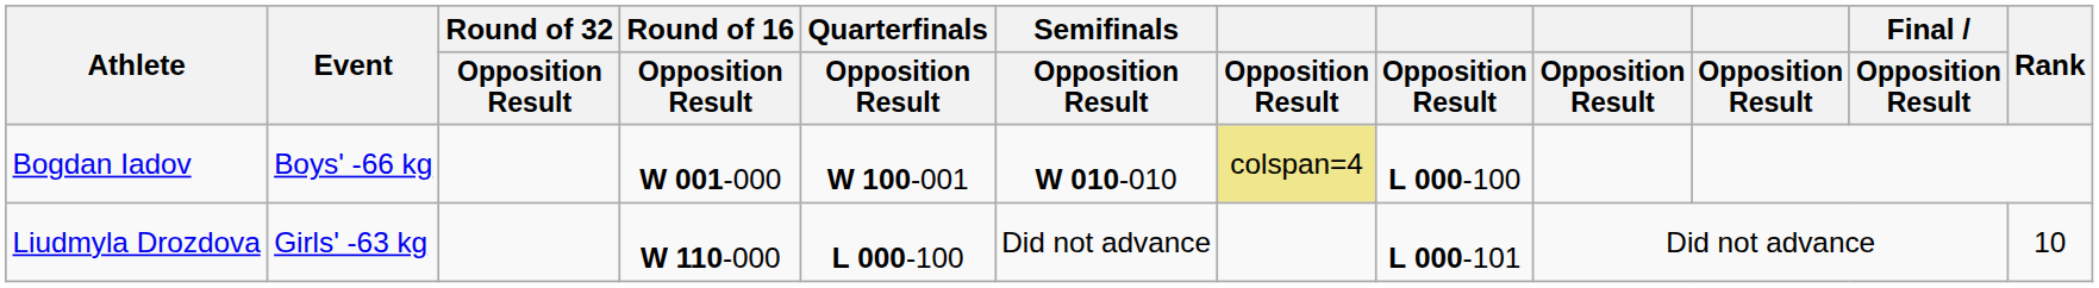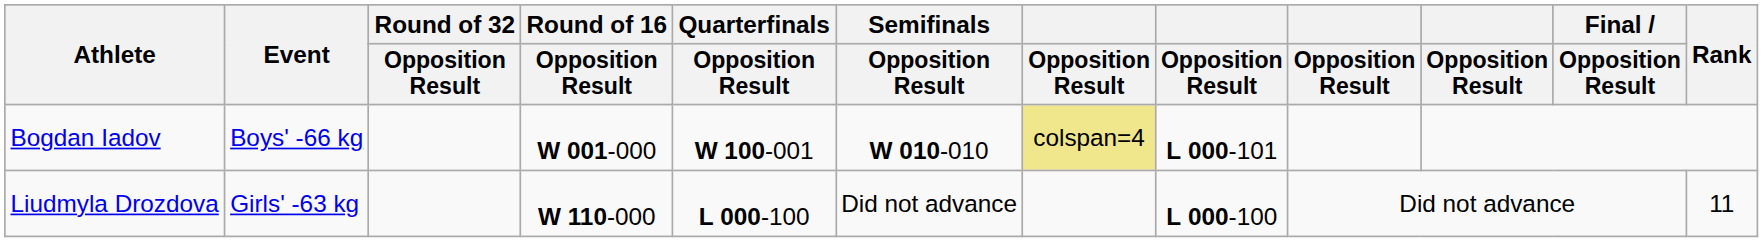 <table class="wikitable" style="font-size:90%">
 <tr>
 <th rowspan="2">Athlete</th>
 <th rowspan="2">Event</th>
 <th>Round of 32</th>
 <th>Round of 16</th>
 <th>Quarterfinals</th>
 <th>Semifinals</th>
 <th></th>
 <th></th>
 <th></th>
 <th></th>
 <th>Final / </th>
 <th rowspan=2>Rank</th>
 </tr>
 <tr style="font-size:95%">
 <th>Opposition<br>Result</th>
 <th>Opposition<br>Result</th>
 <th>Opposition<br>Result</th>
 <th>Opposition<br>Result</th>
 <th>Opposition<br>Result</th>
 <th>Opposition<br>Result</th>
 <th>Opposition<br>Result</th>
 <th>Opposition<br>Result</th>
 <th>Opposition<br>Result</th>
 </tr>
 <tr align=center>
 <td align=left><a href='#'>Bogdan Iadov</a></td>
 <td align=left><a href='#'>Boys' -66 kg</a></td>
 <td></td>
 <td><br><strong>W</strong> <strong>001</strong>-000</td>
 <td><br><strong>W</strong> <strong>100</strong>-001</td>
 <td><br><strong>W</strong> <strong>010</strong>-010</td>
 <td style="background: khaki;">colspan=4 </td>
-<td><br><strong>L</strong> <strong>000</strong>-100</td>
+<td><br><strong>L</strong> <strong>000</strong>-101</td>
 <td></td>
 </tr>
 <tr align=center>
 <td align=left><a href='#'>Liudmyla Drozdova</a></td>
 <td align=left><a href='#'>Girls' -63 kg</a></td>
 <td></td>
 <td><br><strong>W</strong> <strong>110</strong>-000</td>
 <td><br><strong>L</strong> <strong>000</strong>-100</td>
 <td>Did not advance</td>
 <td></td>
-<td><br><strong>L</strong> <strong>000</strong>-101</td>
+<td><br><strong>L</strong> <strong>000</strong>-100</td>
 <td colspan=3>Did not advance</td>
-<td>10</td>
+<td>11</td>
 </tr>
 </table>
